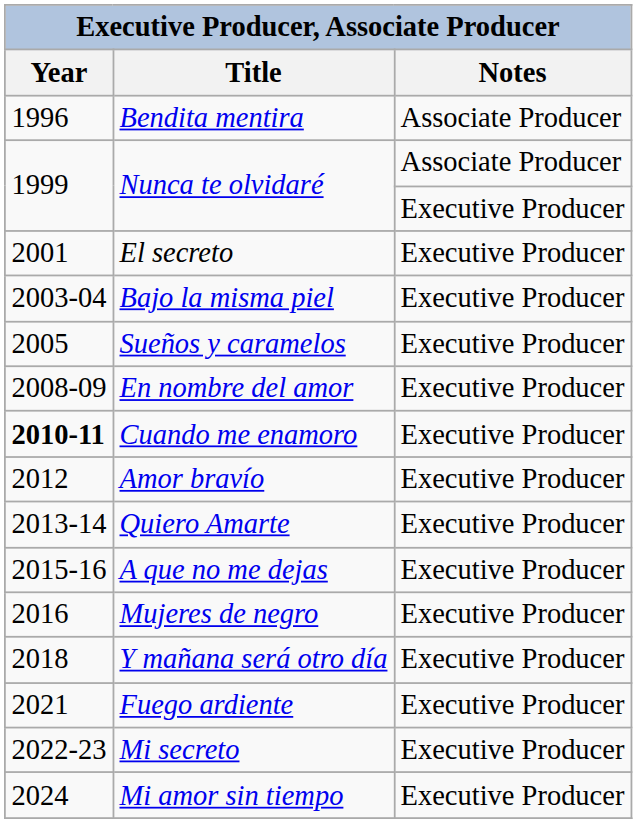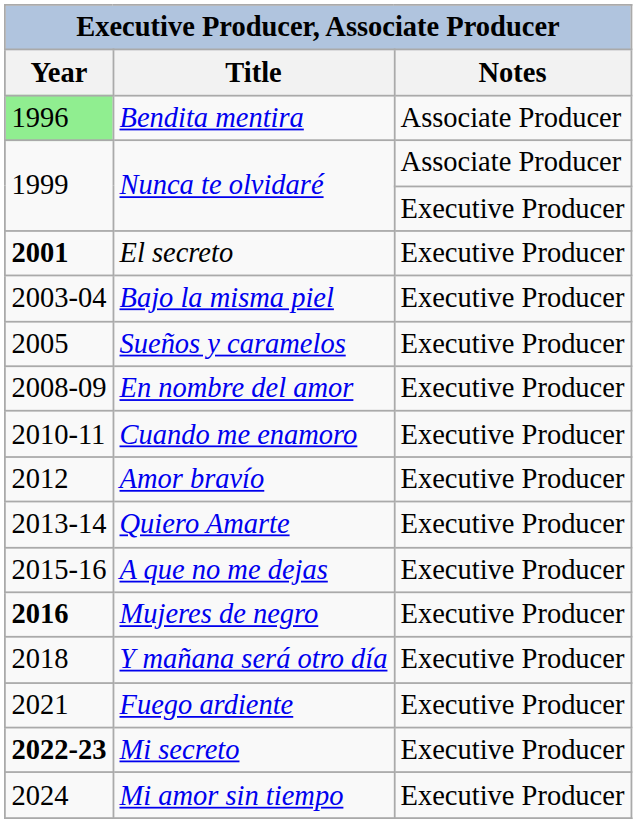 <table class="wikitable">
 <tr>
 <th colspan="5" style="background:LightSteelBlue;">Executive Producer, Associate Producer</th>
 </tr>
 <tr>
 <th>Year</th>
 <th>Title</th>
 <th>Notes</th>
 </tr>
 <tr>
-<td>1996</td>
+<td style="background: lightgreen;">1996</td>
 <td><em><a href='#'>Bendita mentira</a></em></td>
 <td>Associate Producer</td>
 </tr>
 <tr>
 <td rowspan=2>1999</td>
 <td rowspan=2><em><a href='#'>Nunca te olvidaré</a></em></td>
 <td>Associate Producer</td>
 </tr>
 <tr>
 <td>Executive Producer</td>
 </tr>
 <tr>
-<td>2001</td>
+<td><strong>2001</strong></td>
 <td><em>El secreto</em></td>
 <td>Executive Producer</td>
 </tr>
 <tr>
 <td>2003-04</td>
 <td><em><a href='#'>Bajo la misma piel</a></em></td>
 <td>Executive Producer</td>
 </tr>
 <tr>
 <td>2005</td>
 <td><em><a href='#'>Sueños y caramelos</a></em></td>
 <td>Executive Producer</td>
 </tr>
 <tr>
 <td>2008-09</td>
 <td><em><a href='#'>En nombre del amor</a></em></td>
 <td>Executive Producer</td>
 </tr>
 <tr>
-<td><strong>2010-11</strong></td>
+<td>2010-11</td>
 <td><em><a href='#'>Cuando me enamoro</a></em></td>
 <td>Executive Producer</td>
 </tr>
 <tr>
 <td>2012</td>
 <td><em><a href='#'>Amor bravío</a></em></td>
 <td>Executive Producer</td>
 </tr>
 <tr>
 <td>2013-14</td>
 <td><em><a href='#'>Quiero Amarte</a></em></td>
 <td>Executive Producer</td>
 </tr>
 <tr>
 <td>2015-16</td>
 <td><em><a href='#'>A que no me dejas</a></em></td>
 <td>Executive Producer</td>
 </tr>
 <tr>
-<td>2016</td>
+<td><strong>2016</strong></td>
 <td><em><a href='#'>Mujeres de negro</a></em></td>
 <td>Executive Producer</td>
 </tr>
 <tr>
 <td>2018</td>
 <td><em><a href='#'>Y mañana será otro día</a></em></td>
 <td>Executive Producer</td>
 </tr>
 <tr>
 <td>2021</td>
 <td><em><a href='#'>Fuego ardiente</a></em></td>
 <td>Executive Producer</td>
 </tr>
 <tr>
-<td>2022-23</td>
+<td><strong>2022-23</strong></td>
 <td><em><a href='#'>Mi secreto</a></em></td>
 <td>Executive Producer</td>
 </tr>
 <tr>
 <td>2024</td>
 <td><em><a href='#'>Mi amor sin tiempo</a></em></td>
 <td>Executive Producer</td>
 </tr>
 <tr>
 </tr>
 </table>
